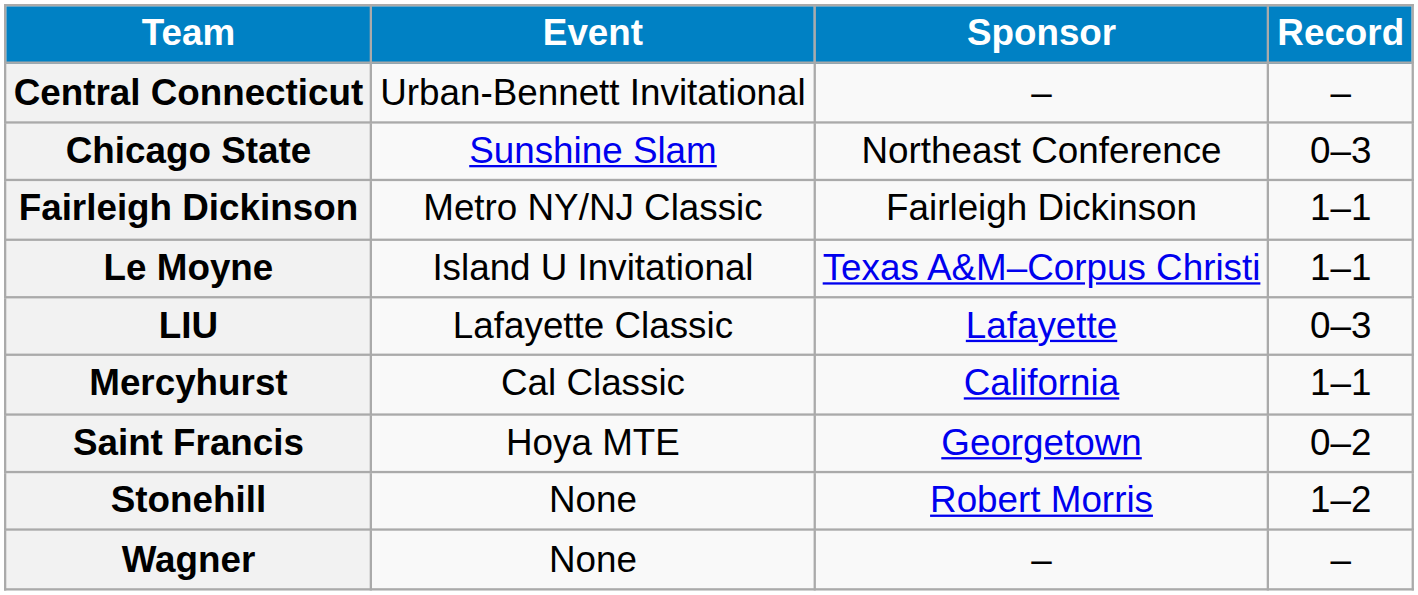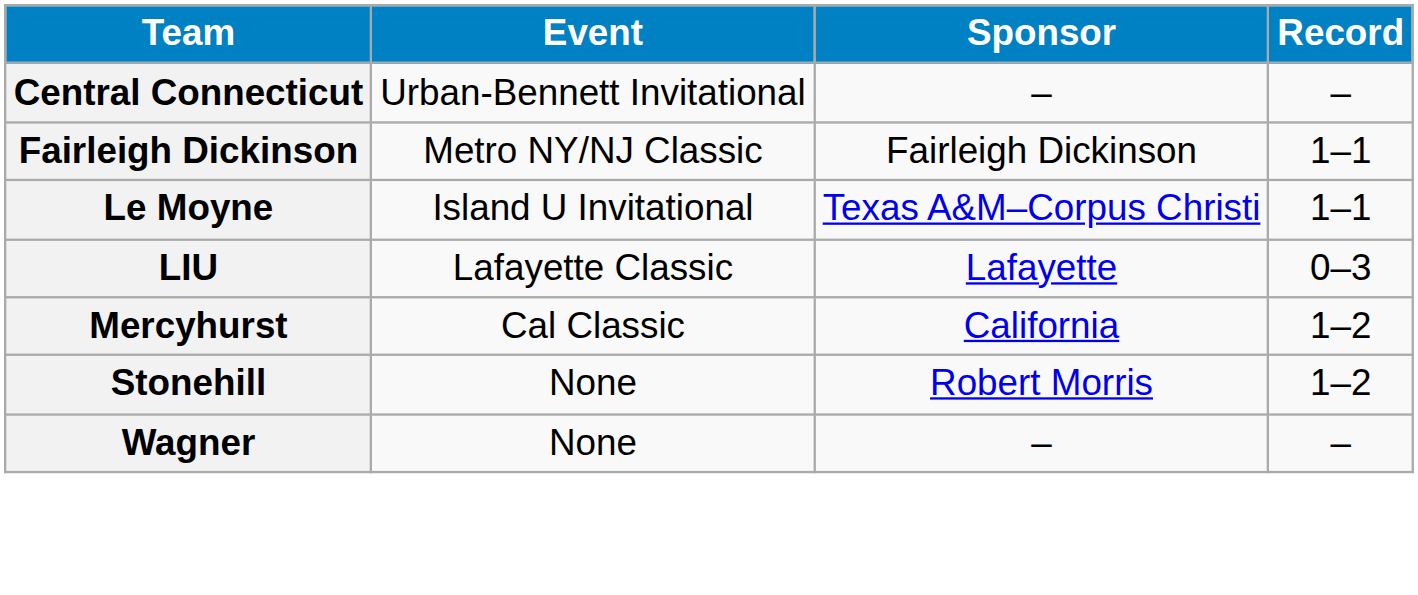 <table class="wikitable">
 <tr>
 <th align="center" style="background:#0081C4; color:#FFFFFF;">Team</th>
 <th align="center" style="background:#0081C4; color:#FFFFFF;">Event</th>
 <th align="center" style="background:#0081C4; color:#FFFFFF;">Sponsor</th>
 <th align="center" style="background:#0081C4; color:#FFFFFF;">Record</th>
 </tr>
 <tr style="text-align:center;">
 <th>Central Connecticut</th>
 <td>Urban-Bennett Invitational</td>
 <td>–</td>
 <td>–</td>
-</tr>
-<tr style="text-align:center;">
-<th>Chicago State</th>
-<td><a href='#'>Sunshine Slam</a></td>
-<td>Northeast Conference</td>
-<td>0–3</td>
 </tr>
 <tr style="text-align:center;">
 <th>Fairleigh Dickinson</th>
 <td>Metro NY/NJ Classic</td>
 <td>Fairleigh Dickinson</td>
 <td>1–1</td>
 </tr>
 <tr style="text-align:center;">
 <th>Le Moyne</th>
 <td>Island U Invitational</td>
 <td><a href='#'>Texas A&M–Corpus Christi</a></td>
 <td>1–1</td>
 </tr>
 <tr style="text-align:center;">
 <th>LIU</th>
 <td>Lafayette Classic</td>
 <td><a href='#'>Lafayette</a></td>
 <td>0–3</td>
 </tr>
 <tr style="text-align:center;">
 <th>Mercyhurst</th>
 <td>Cal Classic</td>
 <td><a href='#'>California</a></td>
-<td>1–1</td>
-</tr>
-<tr style="text-align:center;">
-<th>Saint Francis</th>
-<td>Hoya MTE</td>
-<td><a href='#'>Georgetown</a></td>
-<td>0–2</td>
+<td>1–2</td>
 </tr>
 <tr style="text-align:center;">
 <th>Stonehill</th>
 <td>None</td>
 <td><a href='#'>Robert Morris</a></td>
 <td>1–2</td>
 </tr>
 <tr style="text-align:center;">
 <th>Wagner</th>
 <td>None</td>
 <td>–</td>
 <td>–</td>
 </tr>
 </table>
